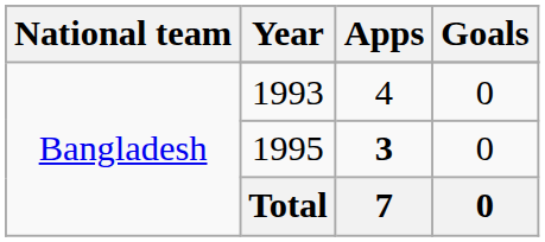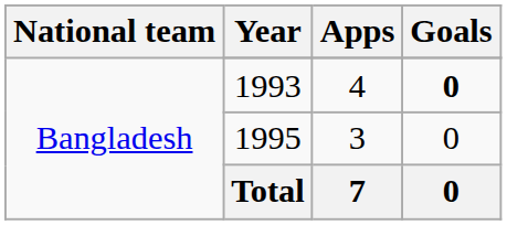 <table class="wikitable" style="text-align: center;">
 <tr>
 <th>National team</th>
 <th>Year</th>
 <th>Apps</th>
 <th>Goals</th>
 </tr>
 <tr>
 <td rowspan="4"><a href='#'>Bangladesh</a></td>
 </tr>
 <tr>
 <td>1993</td>
 <td>4</td>
-<td>0</td>
+<td><strong>0</strong></td>
 </tr>
 <tr>
 <td>1995</td>
-<td><strong>3</strong></td>
+<td>3</td>
 <td>0</td>
 </tr>
 <tr>
 <th>Total</th>
 <th>7</th>
 <th>0</th>
 </tr>
 </table>
